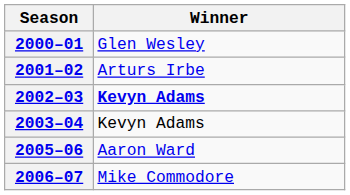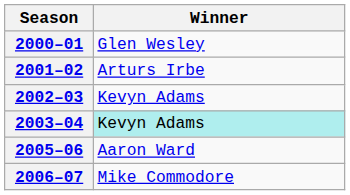 <table class="wikitable">
 <tr>
 <th scope="col" style="width:5em">Season</th>
 <th scope="col" style="width:15em">Winner</th>
 </tr>
 <tr>
 <th scope="row"><a href='#'>2000–01</a></th>
 <td><a href='#'>Glen Wesley</a></td>
 </tr>
 <tr>
 <th scope="row"><a href='#'>2001–02</a></th>
 <td><a href='#'>Arturs Irbe</a></td>
 </tr>
 <tr>
 <th scope="row"><a href='#'>2002–03</a></th>
-<td><strong><a href='#'>Kevyn Adams</a></strong></td>
+<td><a href='#'>Kevyn Adams</a></td>
 </tr>
 <tr>
 <th scope="row"><a href='#'>2003–04</a></th>
-<td>Kevyn Adams</td>
+<td style="background: paleturquoise;">Kevyn Adams</td>
 </tr>
 <tr>
 <th scope="row"><a href='#'>2005–06</a></th>
 <td><a href='#'>Aaron Ward</a></td>
 </tr>
 <tr>
 <th scope="row"><a href='#'>2006–07</a></th>
 <td><a href='#'>Mike Commodore</a></td>
 </tr>
 </table>
